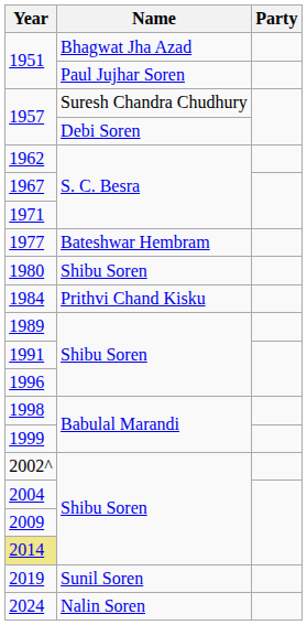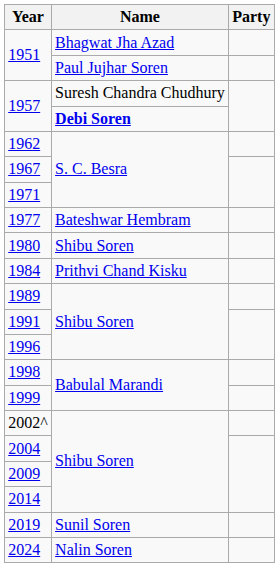 <table class="wikitable">
 <tr>
 <th>Year</th>
 <th>Name</th>
 <th colspan=2>Party</th>
 </tr>
 <tr>
 <td rowspan="2"><a href='#'>1951</a></td>
 <td><a href='#'>Bhagwat Jha Azad</a></td>
 <td></td>
 </tr>
 <tr>
 <td><a href='#'>Paul Jujhar Soren</a></td>
 <td></td>
 </tr>
 <tr>
 <td rowspan="2"><a href='#'>1957</a></td>
 <td>Suresh Chandra Chudhury</td>
 </tr>
 <tr>
-<td><a href='#'>Debi Soren</a></td>
+<td><strong><a href='#'>Debi Soren</a></strong></td>
 </tr>
 <tr>
 <td><a href='#'>1962</a></td>
 <td rowspan="3"><a href='#'>S. C. Besra</a></td>
 <td></td>
 </tr>
 <tr>
 <td><a href='#'>1967</a></td>
 </tr>
 <tr>
 <td><a href='#'>1971</a></td>
 </tr>
 <tr>
 <td><a href='#'>1977</a></td>
 <td><a href='#'>Bateshwar Hembram</a></td>
 <td></td>
 </tr>
 <tr>
 <td><a href='#'>1980</a></td>
 <td><a href='#'>Shibu Soren</a></td>
 <td></td>
 </tr>
 <tr>
 <td><a href='#'>1984</a></td>
 <td><a href='#'>Prithvi Chand Kisku</a></td>
 <td></td>
 </tr>
 <tr>
 <td><a href='#'>1989</a></td>
 <td rowspan="3"><a href='#'>Shibu Soren</a></td>
 <td></td>
 </tr>
 <tr>
 <td><a href='#'>1991</a></td>
 </tr>
 <tr>
 <td><a href='#'>1996</a></td>
 </tr>
 <tr>
 <td><a href='#'>1998</a></td>
 <td rowspan="2"><a href='#'>Babulal Marandi</a></td>
 <td></td>
 </tr>
 <tr>
 <td><a href='#'>1999</a></td>
 </tr>
 <tr>
 <td>2002^</td>
 <td rowspan="4"><a href='#'>Shibu Soren</a></td>
 <td></td>
 </tr>
 <tr>
 <td><a href='#'>2004</a></td>
 </tr>
 <tr>
 <td><a href='#'>2009</a></td>
 </tr>
 <tr>
-<td style="background: khaki;"><a href='#'>2014</a></td>
+<td><a href='#'>2014</a></td>
 </tr>
 <tr>
 <td><a href='#'>2019</a></td>
 <td><a href='#'>Sunil Soren</a></td>
 <td></td>
 </tr>
 <tr>
 <td><a href='#'>2024</a></td>
 <td><a href='#'>Nalin Soren</a></td>
 <td></td>
 </tr>
 <tr>
 </tr>
 </table>
